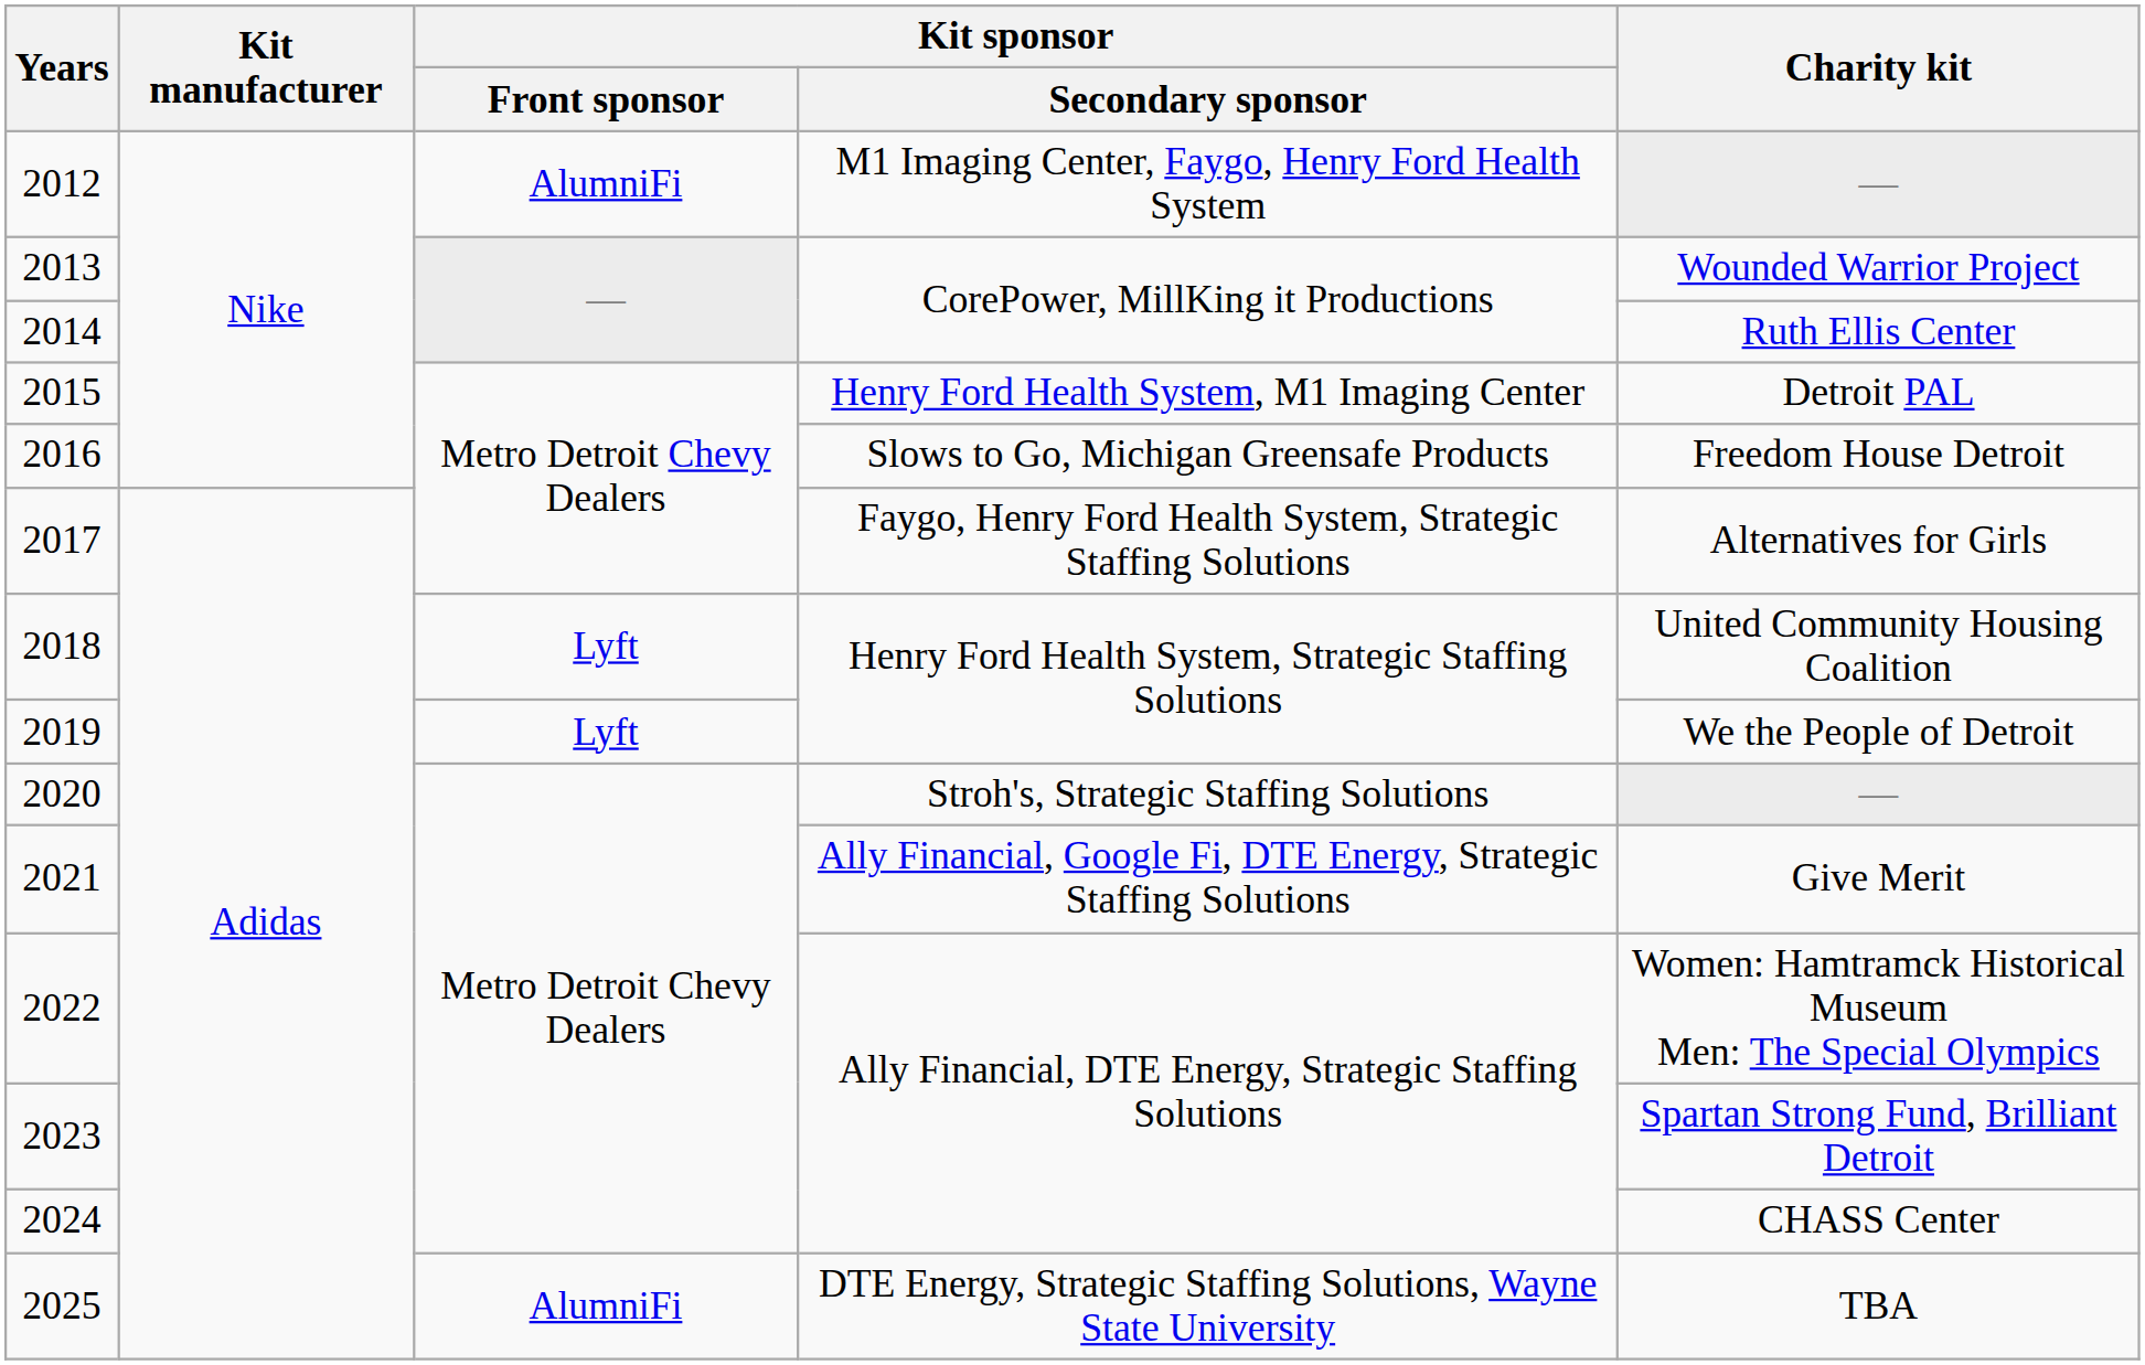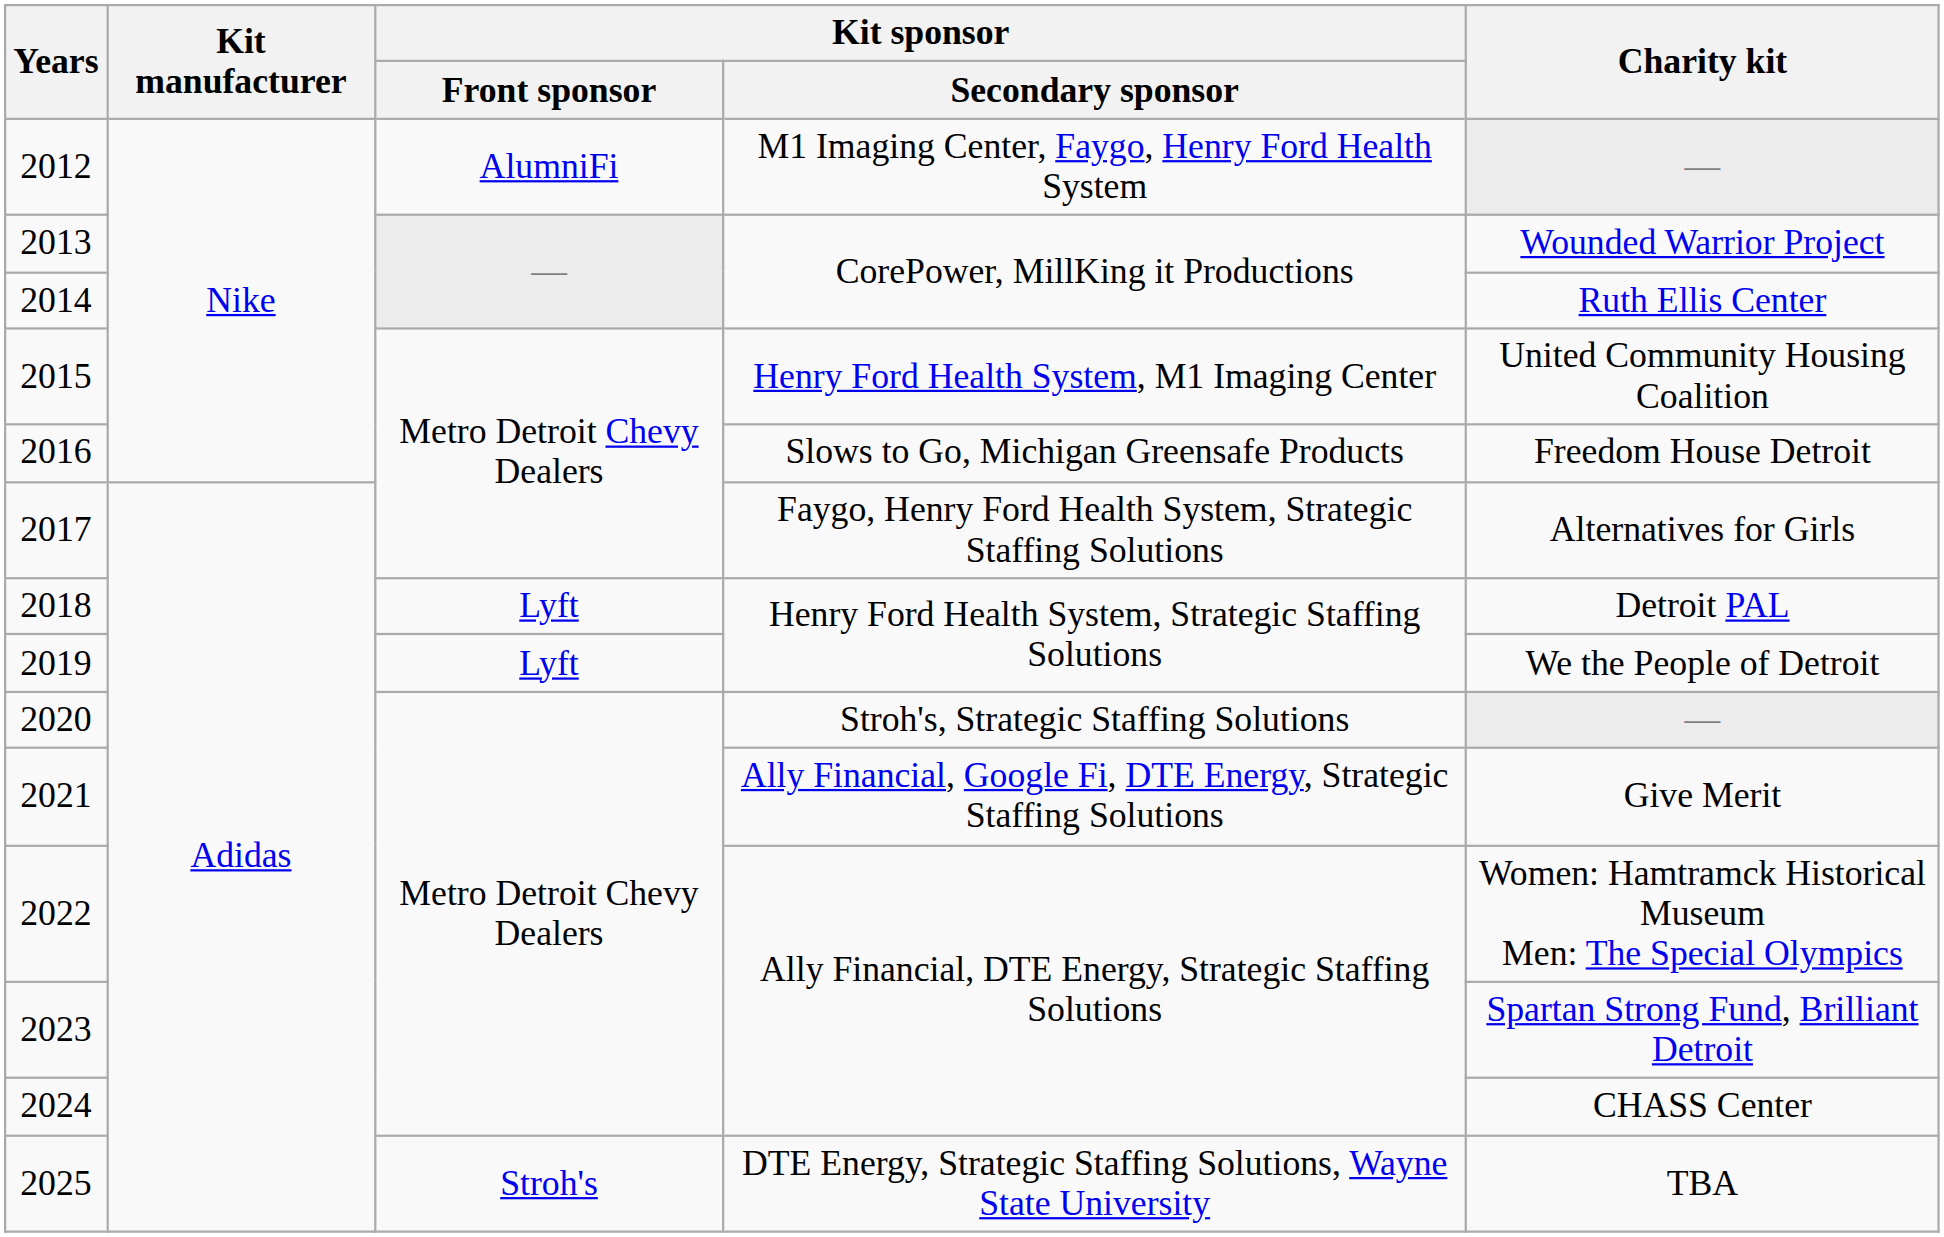 <table class="wikitable" style="text-align: center">
 <tr>
 <th rowspan="2">Years</th>
 <th rowspan="2">Kit manufacturer</th>
 <th colspan="2">Kit sponsor</th>
 <th rowspan="2">Charity kit</th>
 </tr>
 <tr>
 <th>Front sponsor</th>
 <th>Secondary sponsor</th>
 </tr>
 <tr>
 <td>2012</td>
 <td rowspan=5><a href='#'>Nike</a></td>
 <td><a href='#'>AlumniFi</a></td>
 <td>M1 Imaging Center, <a href='#'>Faygo</a>, <a href='#'>Henry Ford Health</a> System</td>
 <td style="background:#ececec; color:gray">—</td>
 </tr>
 <tr>
 <td>2013</td>
 <td rowspan=2 style="background:#ececec; color:gray">—</td>
 <td rowspan=2>CorePower, MillKing it Productions</td>
 <td><a href='#'>Wounded Warrior Project</a></td>
 </tr>
 <tr>
 <td>2014</td>
 <td><a href='#'>Ruth Ellis Center</a></td>
 </tr>
 <tr>
 <td>2015</td>
 <td rowspan=3>Metro Detroit <a href='#'>Chevy</a> Dealers</td>
 <td><a href='#'>Henry Ford Health System</a>, M1 Imaging Center</td>
-<td>Detroit <a href='#'>PAL</a></td>
+<td>United Community Housing Coalition</td>
 </tr>
 <tr>
 <td>2016</td>
 <td>Slows to Go, Michigan Greensafe Products</td>
 <td>Freedom House Detroit</td>
 </tr>
 <tr>
 <td>2017</td>
 <td rowspan="9"><a href='#'>Adidas</a></td>
 <td>Faygo, Henry Ford Health System, Strategic Staffing Solutions</td>
 <td>Alternatives for Girls</td>
 </tr>
 <tr>
 <td>2018</td>
 <td><a href='#'>Lyft</a></td>
 <td rowspan=2>Henry Ford Health System, Strategic Staffing Solutions</td>
-<td>United Community Housing Coalition</td>
+<td>Detroit <a href='#'>PAL</a></td>
 </tr>
 <tr>
 <td>2019</td>
 <td><a href='#'>Lyft</a></td>
 <td>We the People of Detroit</td>
 </tr>
 <tr>
 <td>2020</td>
 <td rowspan=5>Metro Detroit Chevy Dealers</td>
 <td>Stroh's, Strategic Staffing Solutions</td>
 <td style="background:#ececec; color:gray">—</td>
 </tr>
 <tr>
 <td>2021</td>
 <td><a href='#'>Ally Financial</a>, <a href='#'>Google Fi</a>, <a href='#'>DTE Energy</a>, Strategic Staffing Solutions</td>
 <td>Give Merit</td>
 </tr>
 <tr>
 <td>2022</td>
 <td rowspan=3>Ally Financial, DTE Energy, Strategic Staffing Solutions</td>
 <td>Women: Hamtramck Historical Museum<br>Men: <a href='#'>The Special Olympics</a></td>
 </tr>
 <tr>
 <td>2023</td>
 <td><a href='#'>Spartan Strong Fund</a>, <a href='#'>Brilliant Detroit</a></td>
 </tr>
 <tr>
 <td>2024</td>
 <td>CHASS Center</td>
 </tr>
 <tr>
 <td>2025</td>
-<td><a href='#'>AlumniFi</a></td>
+<td><a href='#'>Stroh's</a></td>
 <td>DTE Energy, Strategic Staffing Solutions, <a href='#'>Wayne State University</a></td>
 <td>TBA</td>
 </tr>
 </table>
